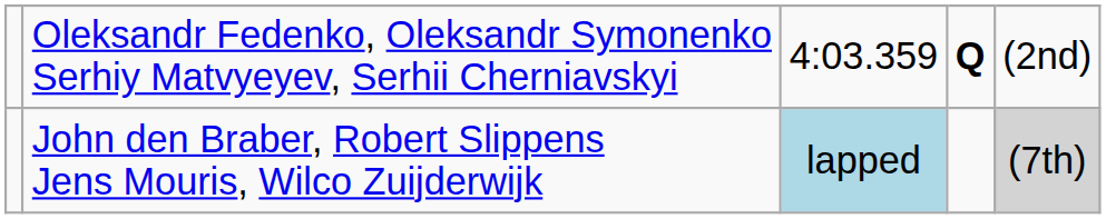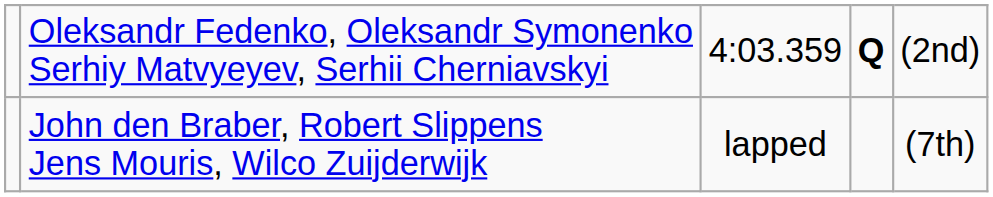 <table class="wikitable" style="text-align:center;">
 <tr>
 <td align=left></td>
 <td align=left><a href='#'>Oleksandr Fedenko</a>, <a href='#'>Oleksandr Symonenko</a><br><a href='#'>Serhiy Matvyeyev</a>, <a href='#'>Serhii Cherniavskyi</a></td>
 <td>4:03.359</td>
 <td><strong>Q</strong></td>
 <td>(2nd)</td>
 </tr>
 <tr>
 <td align=left></td>
 <td align=left><a href='#'>John den Braber</a>, <a href='#'>Robert Slippens</a><br><a href='#'>Jens Mouris</a>, <a href='#'>Wilco Zuijderwijk</a></td>
-<td style="background: lightblue;">lapped</td>
+<td>lapped</td>
 <td></td>
-<td style="background: lightgrey;">(7th)</td>
+<td>(7th)</td>
 </tr>
 </table>
